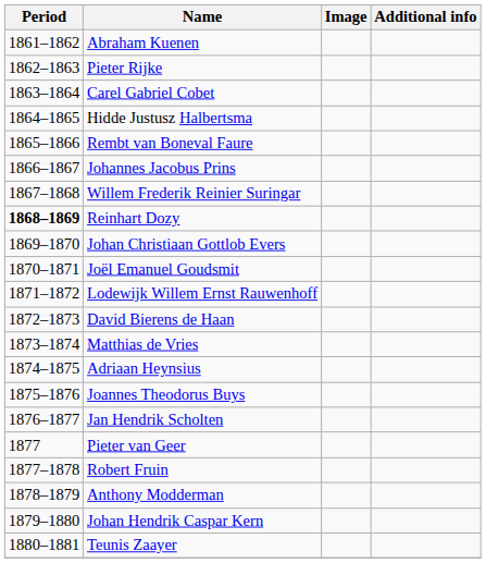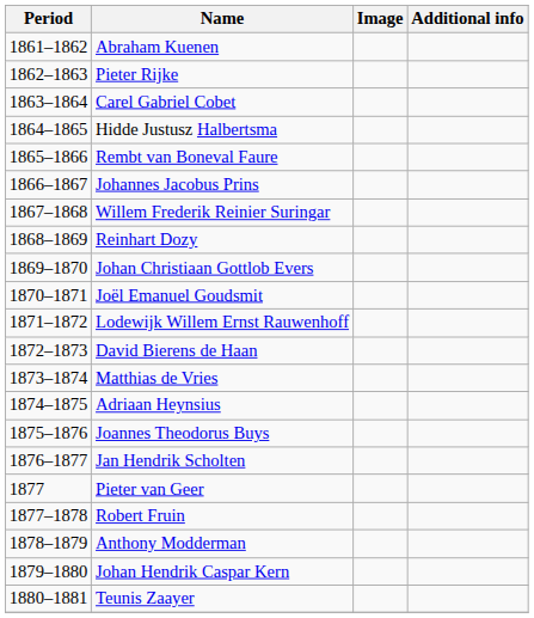 <table class="wikitable">
 <tr>
 <th>Period</th>
 <th>Name</th>
 <th>Image</th>
 <th>Additional info</th>
 </tr>
 <tr>
 <td>1861–1862</td>
 <td><a href='#'>Abraham Kuenen</a></td>
 <td></td>
 <td></td>
 </tr>
 <tr>
 <td>1862–1863</td>
 <td><a href='#'>Pieter Rijke</a></td>
 <td></td>
 <td></td>
 </tr>
 <tr>
 <td>1863–1864</td>
 <td><a href='#'>Carel Gabriel Cobet</a></td>
 <td></td>
 <td></td>
 </tr>
 <tr>
 <td>1864–1865</td>
 <td>Hidde Justusz <a href='#'>Halbertsma</a></td>
 <td></td>
 <td></td>
 </tr>
 <tr>
 <td>1865–1866</td>
 <td><a href='#'>Rembt van Boneval Faure</a></td>
 <td></td>
 <td></td>
 </tr>
 <tr>
 <td>1866–1867</td>
 <td><a href='#'>Johannes Jacobus Prins</a></td>
 <td></td>
 <td></td>
 </tr>
 <tr>
 <td>1867–1868</td>
 <td><a href='#'>Willem Frederik Reinier Suringar</a></td>
 <td></td>
 <td></td>
 </tr>
 <tr>
-<td><strong>1868–1869</strong></td>
+<td>1868–1869</td>
 <td><a href='#'>Reinhart Dozy</a></td>
 <td></td>
 <td></td>
 </tr>
 <tr>
 <td>1869–1870</td>
 <td><a href='#'>Johan Christiaan Gottlob Evers</a></td>
 <td></td>
 <td></td>
 </tr>
 <tr>
 <td>1870–1871</td>
 <td><a href='#'>Joël Emanuel Goudsmit</a></td>
 <td></td>
 <td></td>
 </tr>
 <tr>
 <td>1871–1872</td>
 <td><a href='#'>Lodewijk Willem Ernst Rauwenhoff</a></td>
 <td></td>
 <td></td>
 </tr>
 <tr>
 <td>1872–1873</td>
 <td><a href='#'>David Bierens de Haan</a></td>
 <td></td>
 <td></td>
 </tr>
 <tr>
 <td>1873–1874</td>
 <td><a href='#'>Matthias de Vries</a></td>
 <td></td>
 <td></td>
 </tr>
 <tr>
 <td>1874–1875</td>
 <td><a href='#'>Adriaan Heynsius</a></td>
 <td></td>
 <td></td>
 </tr>
 <tr>
 <td>1875–1876</td>
 <td><a href='#'>Joannes Theodorus Buys</a></td>
 <td></td>
 <td></td>
 </tr>
 <tr>
 <td>1876–1877</td>
 <td><a href='#'>Jan Hendrik Scholten</a></td>
 <td></td>
 <td></td>
 </tr>
 <tr>
 <td>1877</td>
 <td><a href='#'>Pieter van Geer</a></td>
 <td></td>
 <td></td>
 </tr>
 <tr>
 <td>1877–1878</td>
 <td><a href='#'>Robert Fruin</a></td>
 <td></td>
 <td></td>
 </tr>
 <tr>
 <td>1878–1879</td>
 <td><a href='#'>Anthony Modderman</a></td>
 <td></td>
 <td></td>
 </tr>
 <tr>
 <td>1879–1880</td>
 <td><a href='#'>Johan Hendrik Caspar Kern</a></td>
 <td></td>
 <td></td>
 </tr>
 <tr>
 <td>1880–1881</td>
 <td><a href='#'>Teunis Zaayer</a></td>
 <td></td>
 <td></td>
 </tr>
 <tr>
 </tr>
 </table>
